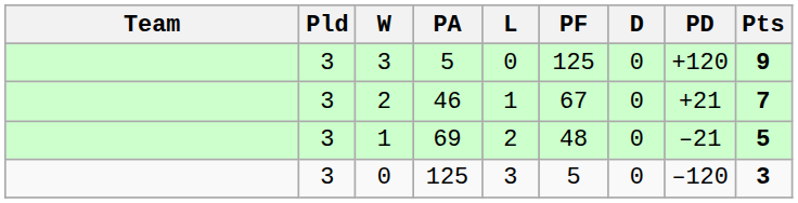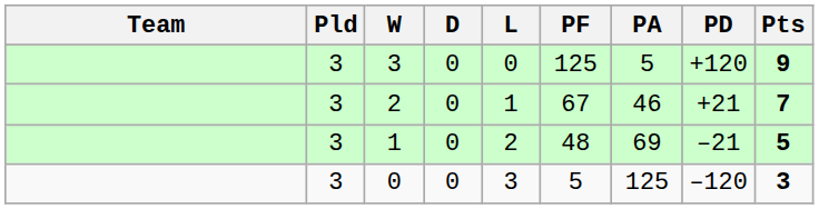 <table class="wikitable" style="text-align:center;">
 <tr>
 <th width=155>Team</th>
 <th width=25 abbr="Played">Pld</th>
 <th width=25 abbr="Won">W</th>
-<th width=32 abbr="Points against">PA</th>
+<th width=25 abbr="Drawn">D</th>
 <th width=25 abbr="Lost">L</th>
 <th width=32 abbr="Points for">PF</th>
-<th width=25 abbr="Drawn">D</th>
+<th width=32 abbr="Points against">PA</th>
 <th width=32 abbr="Points difference">PD</th>
 <th width=25 abbr="Points">Pts</th>
 </tr>
 <tr style="background:#ccffcc">
 <td align=left></td>
 <td>3</td>
 <td>3</td>
-<td>5</td>
+<td>0</td>
 <td>0</td>
 <td>125</td>
-<td>0</td>
+<td>5</td>
 <td>+120</td>
 <td><strong>9</strong></td>
 </tr>
 <tr style="background:#ccffcc">
 <td align=left></td>
 <td>3</td>
 <td>2</td>
-<td>46</td>
+<td>0</td>
 <td>1</td>
 <td>67</td>
-<td>0</td>
+<td>46</td>
 <td>+21</td>
 <td><strong>7</strong></td>
 </tr>
 <tr style="background:#ccffcc">
 <td align=left></td>
 <td>3</td>
 <td>1</td>
-<td>69</td>
+<td>0</td>
 <td>2</td>
 <td>48</td>
-<td>0</td>
+<td>69</td>
 <td>–21</td>
 <td><strong>5</strong></td>
 </tr>
 <tr>
 <td align=left></td>
 <td>3</td>
 <td>0</td>
-<td>125</td>
+<td>0</td>
 <td>3</td>
 <td>5</td>
-<td>0</td>
+<td>125</td>
 <td>–120</td>
 <td><strong>3</strong></td>
 </tr>
 </table>
